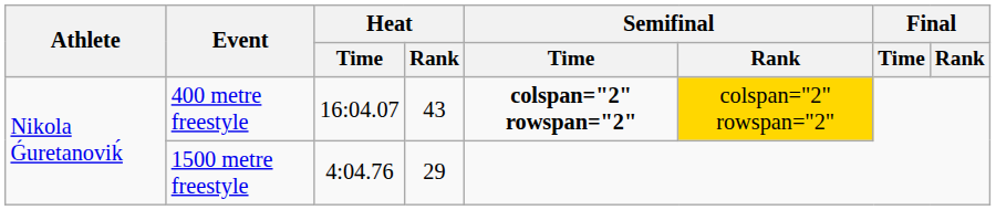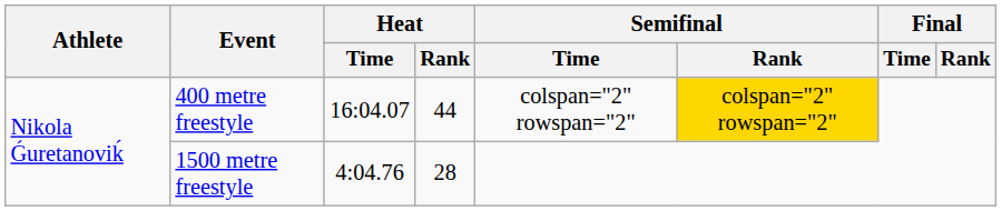 <table class="wikitable" style="text-align:center; font-size:90%; width:50%;">
 <tr>
 <th rowspan="2">Athlete</th>
 <th rowspan="2">Event</th>
 <th colspan="2">Heat</th>
 <th colspan="2">Semifinal</th>
 <th colspan="2">Final</th>
 </tr>
 <tr style="font-size:95%">
 <th>Time</th>
 <th>Rank</th>
 <th>Time</th>
 <th>Rank</th>
 <th>Time</th>
 <th>Rank</th>
 </tr>
 <tr align=center>
 <td align=left rowspan="2"><a href='#'>Nikola Ǵuretanoviḱ</a></td>
 <td align=left><a href='#'>400 metre freestyle</a></td>
 <td>16:04.07</td>
-<td>43</td>
-<td><strong>colspan="2" rowspan="2"</strong></td>
+<td>44</td>
+<td>colspan="2" rowspan="2"</td>
 <td style="background: gold;">colspan="2" rowspan="2"</td>
 </tr>
 <tr align=center>
 <td align=left><a href='#'>1500 metre freestyle</a></td>
 <td>4:04.76</td>
-<td>29</td>
+<td>28</td>
 </tr>
 </table>
